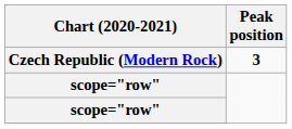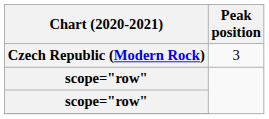 <table class="wikitable sortable plainrowheaders">
 <tr>
 <th scope="col">Chart (2020-2021)</th>
 <th scope="col">Peak<br>position</th>
 </tr>
 <tr>
 <th scope="row">Czech Republic (<a href='#'>Modern Rock</a>)</th>
-<td style="text-align:center;"><strong>3</strong></td>
+<td style="text-align:center;">3</td>
 </tr>
 <tr>
 <th>scope="row" </th>
 </tr>
 <tr>
 <th>scope="row" </th>
 </tr>
 <tr>
 </tr>
 </table>
